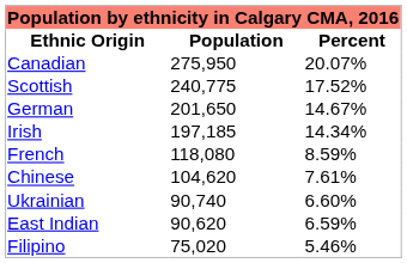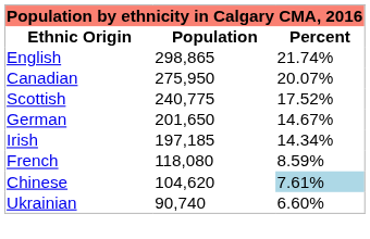 <table cellpadding="1" style="align:left; margin:0 1em 1em 0; border:1px #bbb solid; border-collapse:collapse; font-size:90%;">
 <tr style="text-align:center; background:salmon;">
 <th colspan=3>Population by ethnicity in Calgary CMA, 2016</th>
 </tr>
 <tr>
 <th>Ethnic Origin</th>
 <th>Population</th>
 <th>Percent</th>
+</tr>
+<tr>
+<td><a href='#'>English</a></td>
+<td>298,865</td>
+<td>21.74%</td>
 </tr>
 <tr>
 <td><a href='#'>Canadian</a></td>
 <td>275,950</td>
 <td>20.07%</td>
 </tr>
 <tr>
 <td><a href='#'>Scottish</a></td>
 <td>240,775</td>
 <td>17.52%</td>
 </tr>
 <tr>
 <td><a href='#'>German</a></td>
 <td>201,650</td>
 <td>14.67%</td>
 </tr>
 <tr>
 <td><a href='#'>Irish</a></td>
 <td>197,185</td>
 <td>14.34%</td>
 </tr>
 <tr>
 <td><a href='#'>French</a></td>
 <td>118,080</td>
 <td>8.59%</td>
 </tr>
 <tr>
 <td><a href='#'>Chinese</a></td>
 <td>104,620</td>
-<td>7.61%</td>
+<td style="background: lightblue;">7.61%</td>
 </tr>
 <tr>
 <td><a href='#'>Ukrainian</a></td>
 <td>90,740</td>
 <td>6.60%</td>
 </tr>
 <tr>
-<td><a href='#'>East Indian</a></td>
-<td>90,620</td>
-<td>6.59%</td>
-</tr>
-<tr>
-<td><a href='#'>Filipino</a></td>
-<td>75,020</td>
-<td>5.46%</td>
-</tr>
-<tr>
 </tr>
 </table>
